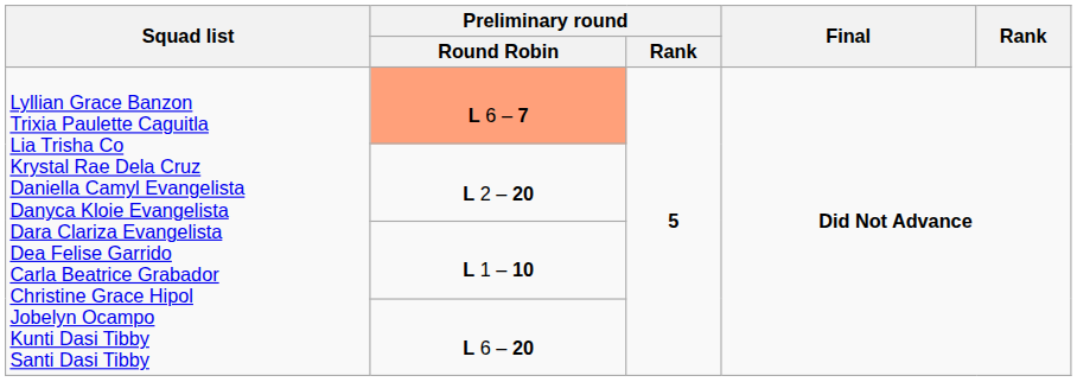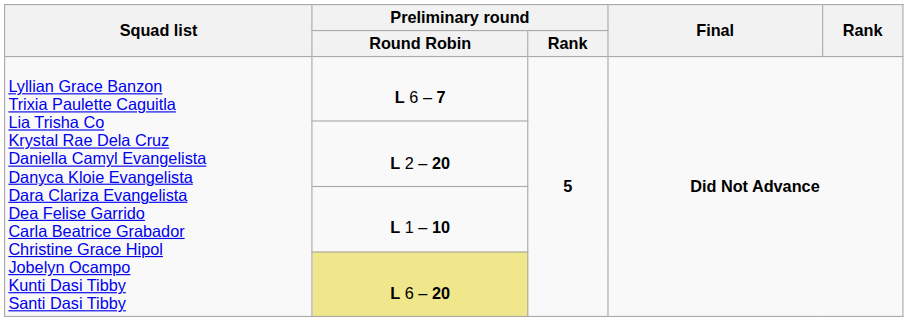 <table class="wikitable" width="90%" style="text-align:left; font-size:90%">
 <tr>
 <th rowspan="2" width="20%">Squad list</th>
 <th colspan="2">Preliminary round</th>
 <th rowspan="2" width="14%">Final</th>
 <th rowspan="2" width="5%">Rank</th>
 </tr>
 <tr>
 <th width="14%">Round Robin</th>
 <th width="5%">Rank</th>
 </tr>
 <tr>
 <td rowspan="4"><br><a href='#'>Lyllian Grace Banzon</a><br> <a href='#'>Trixia Paulette Caguitla</a><br> <a href='#'>Lia Trisha Co</a><br> <a href='#'>Krystal Rae Dela Cruz</a> <br> <a href='#'>Daniella Camyl Evangelista</a> <br> <a href='#'>Danyca Kloie Evangelista</a> <br> <a href='#'>Dara Clariza Evangelista</a><br> <a href='#'>Dea Felise Garrido</a><br> <a href='#'>Carla Beatrice Grabador</a><br> <a href='#'>Christine Grace Hipol</a><br> <a href='#'>Jobelyn Ocampo</a><br> <a href='#'>Kunti Dasi Tibby</a> <br> <a href='#'>Santi Dasi Tibby</a></td>
-<td align=center style="background: lightsalmon;"><br> <strong>L</strong> 6 – <strong>7</strong></td>
+<td align=center><br> <strong>L</strong> 6 – <strong>7</strong></td>
 <td rowspan=4 align=center><strong>5</strong></td>
 <td rowspan=4 align=center colspan=2><strong>Did Not Advance</strong></td>
 </tr>
 <tr>
 <td align=center><br> <strong>L</strong> 2 – <strong>20</strong></td>
 </tr>
 <tr>
 <td align=center><br> <strong>L</strong> 1 – <strong>10</strong></td>
 </tr>
 <tr>
-<td align=center><br> <strong>L</strong> 6 – <strong>20</strong></td>
+<td align=center style="background: khaki;"><br> <strong>L</strong> 6 – <strong>20</strong></td>
 </tr>
 </table>
